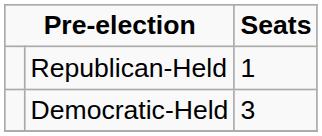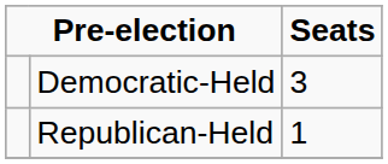 <table class= "wikitable">
 <tr>
 <td colspan= "2" rowspan= "1" align= "center" valign= "top"><strong>Pre-election</strong></td>
 <td valign= "top"><strong>Seats</strong><br></td>
 </tr>
 <tr>
 <td style="background-color:"> </td>
+<td>Democratic-Held</td>
+<td>3</td>
+</tr>
+<tr>
+<td style="background-color:"> </td>
 <td>Republican-Held</td>
 <td>1</td>
 </tr>
 <tr>
-<td style="background-color:"> </td>
-<td>Democratic-Held</td>
-<td>3</td>
-</tr>
-<tr>
 </tr>
 </table>
